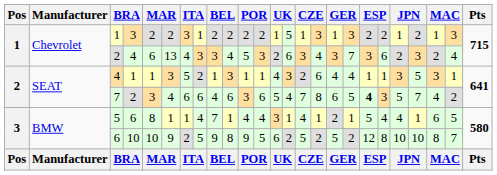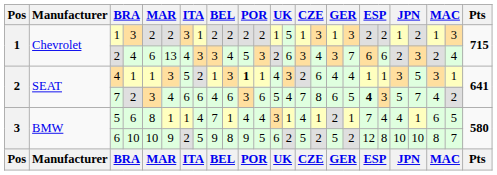 <table class="wikitable" style="font-size: 85%; text-align: center">
 <tr valign="top">
 <th valign=middle>Pos</th>
 <th valign=middle>Manufacturer</th>
 <th colspan=2><a href='#'>BRA</a><br></th>
 <th colspan=2><a href='#'>MAR</a><br></th>
 <th colspan=2><a href='#'>ITA</a><br></th>
 <th colspan=2><a href='#'>BEL</a><br></th>
 <th colspan=2><a href='#'>POR</a><br></th>
 <th colspan=2><a href='#'>UK</a><br></th>
 <th colspan=2><a href='#'>CZE</a><br></th>
 <th colspan=2><a href='#'>GER</a><br></th>
 <th colspan=2><a href='#'>ESP</a><br></th>
 <th colspan=2><a href='#'>JPN</a><br></th>
 <th colspan=2><a href='#'>MAC</a><br></th>
 <th valign=middle> Pts </th>
 </tr>
 <tr>
 <th rowspan=2>1</th>
 <td align="left" rowspan=2> <a href='#'>Chevrolet</a></td>
 <td style="background:#ffffbf;">1</td>
 <td style="background:#ffdf9f;">3</td>
 <td style="background:#dfdfdf;">2</td>
 <td style="background:#dfdfdf;">2</td>
 <td style="background:#ffdf9f;">3</td>
 <td style="background:#ffffbf;">1</td>
 <td style="background:#dfdfdf;">2</td>
 <td style="background:#dfdfdf;">2</td>
 <td style="background:#dfdfdf;">2</td>
 <td style="background:#dfdfdf;">2</td>
 <td style="background:#ffffbf;">1</td>
 <td style="background:#dfffdf;">5</td>
 <td style="background:#ffffbf;">1</td>
 <td style="background:#ffdf9f;">3</td>
 <td style="background:#ffffbf;">1</td>
 <td style="background:#ffdf9f;">3</td>
 <td style="background:#dfdfdf;">2</td>
 <td style="background:#dfdfdf;">2</td>
 <td style="background:#ffffbf;">1</td>
 <td style="background:#dfdfdf;">2</td>
 <td style="background:#ffffbf;">1</td>
 <td style="background:#ffdf9f;">3</td>
 <td align="right" rowspan=2><strong>715</strong></td>
 </tr>
 <tr>
 <td style="background:#dfdfdf;">2</td>
 <td style="background:#dfffdf;">4</td>
 <td style="background:#dfffdf;">6</td>
 <td style="background:#dfffdf;">13</td>
 <td style="background:#dfffdf;">4</td>
 <td style="background:#ffdf9f;">3</td>
 <td style="background:#ffdf9f;">3</td>
 <td style="background:#dfffdf;">4</td>
 <td style="background:#dfffdf;">5</td>
 <td style="background:#ffdf9f;">3</td>
 <td style="background:#dfdfdf;">2</td>
 <td style="background:#dfffdf;">6</td>
 <td style="background:#ffdf9f;">3</td>
 <td style="background:#dfffdf;">4</td>
 <td style="background:#ffdf9f;">3</td>
 <td style="background:#dfffdf;">7</td>
-<td style="background:#ffdf9f;">3</td>
+<td style="background:#ffdf9f;">6</td>
 <td style="background:#dfffdf;">6</td>
 <td style="background:#dfdfdf;">2</td>
 <td style="background:#ffdf9f;">3</td>
 <td style="background:#dfdfdf;">2</td>
 <td style="background:#dfffdf;">4</td>
 </tr>
 <tr>
 <th rowspan=2>2</th>
 <td align="left" rowspan=2 nowrap> <a href='#'>SEAT</a></td>
 <td style="background:#ffdf9f;">4</td>
 <td style="background:#ffffbf;">1</td>
 <td style="background:#ffffbf;">1</td>
 <td style="background:#ffdf9f;">3</td>
 <td style="background:#dfffdf;">5</td>
 <td style="background:#dfdfdf;">2</td>
 <td style="background:#ffffbf;">1</td>
 <td style="background:#ffdf9f;">3</td>
-<td style="background:#ffffbf;">1</td>
+<td style="background:#ffffbf;"><strong>1</strong></td>
 <td style="background:#ffffbf;">1</td>
 <td style="background:#dfffdf;">4</td>
 <td style="background:#ffdf9f;">3</td>
 <td style="background:#dfdfdf;">2</td>
 <td style="background:#dfffdf;">6</td>
 <td style="background:#dfffdf;">4</td>
 <td style="background:#dfffdf;">4</td>
 <td style="background:#ffffbf;">1</td>
 <td style="background:#ffffbf;">1</td>
 <td style="background:#ffdf9f;">3</td>
 <td style="background:#dfffdf;">5</td>
 <td style="background:#ffdf9f;">3</td>
 <td style="background:#ffffbf;">1</td>
 <td align="right" rowspan=2><strong>641</strong></td>
 </tr>
 <tr>
 <td style="background:#dfffdf;">7</td>
 <td style="background:#dfdfdf;">2</td>
 <td style="background:#ffdf9f;">3</td>
 <td style="background:#dfffdf;">4</td>
 <td style="background:#dfffdf;">6</td>
 <td style="background:#dfffdf;">6</td>
 <td style="background:#dfffdf;">4</td>
 <td style="background:#dfffdf;">6</td>
 <td style="background:#ffdf9f;">3</td>
 <td style="background:#dfffdf;">6</td>
 <td style="background:#dfffdf;">5</td>
 <td style="background:#dfffdf;">4</td>
 <td style="background:#dfffdf;">7</td>
 <td style="background:#dfffdf;">8</td>
 <td style="background:#dfffdf;">6</td>
 <td style="background:#dfffdf;">5</td>
 <td style="background:#dfffdf;"><strong>4</strong></td>
 <td style="background:#ffdf9f;">3</td>
 <td style="background:#dfffdf;">5</td>
 <td style="background:#dfffdf;">7</td>
 <td style="background:#dfffdf;">4</td>
 <td style="background:#dfdfdf;">2</td>
 </tr>
 <tr>
 <th rowspan=2>3</th>
 <td align="left" rowspan=2> <a href='#'>BMW</a></td>
 <td style="background:#dfffdf;">5</td>
 <td style="background:#dfffdf;">6</td>
 <td style="background:#dfffdf;">8</td>
 <td style="background:#ffffbf;">1</td>
 <td style="background:#ffffbf;">1</td>
 <td style="background:#dfffdf;">4</td>
 <td style="background:#dfffdf;">7</td>
 <td style="background:#ffffbf;">1</td>
 <td style="background:#dfffdf;">4</td>
 <td style="background:#dfffdf;">4</td>
 <td style="background:#ffdf9f;">3</td>
 <td style="background:#ffffbf;">1</td>
 <td style="background:#dfffdf;">4</td>
 <td style="background:#ffffbf;">1</td>
 <td style="background:#dfdfdf;">2</td>
 <td style="background:#ffffbf;">1</td>
-<td style="background:#dfffdf;">5</td>
+<td style="background:#dfffdf;">7</td>
 <td style="background:#dfffdf;">4</td>
 <td style="background:#dfffdf;">4</td>
 <td style="background:#ffffbf;">1</td>
 <td style="background:#dfffdf;">6</td>
 <td style="background:#dfffdf;">5</td>
 <td align="right" rowspan=2><strong>580</strong></td>
 </tr>
 <tr>
 <td style="background:#dfffdf;">6</td>
 <td style="background:#dfffdf;">10</td>
 <td style="background:#dfffdf;">10</td>
 <td style="background:#dfffdf;">9</td>
 <td style="background:#dfdfdf;">2</td>
 <td style="background:#dfffdf;">5</td>
 <td style="background:#dfffdf;">9</td>
 <td style="background:#dfffdf;">8</td>
 <td style="background:#dfffdf;">9</td>
 <td style="background:#dfffdf;">5</td>
 <td style="background:#dfffdf;">6</td>
 <td style="background:#dfdfdf;">2</td>
 <td style="background:#dfffdf;">5</td>
 <td style="background:#dfdfdf;">2</td>
 <td style="background:#dfffdf;">5</td>
 <td style="background:#dfdfdf;">2</td>
 <td style="background:#dfffdf;">12</td>
 <td style="background:#dfffdf;">8</td>
 <td style="background:#dfffdf;">10</td>
 <td style="background:#dfffdf;">10</td>
 <td style="background:#dfffdf;">8</td>
 <td style="background:#dfffdf;">7</td>
 </tr>
 <tr valign="top">
 <th valign=middle>Pos</th>
 <th valign=middle>Manufacturer</th>
 <th colspan=2><a href='#'>BRA</a><br></th>
 <th colspan=2><a href='#'>MAR</a><br></th>
 <th colspan=2><a href='#'>ITA</a><br></th>
 <th colspan=2><a href='#'>BEL</a><br></th>
 <th colspan=2><a href='#'>POR</a><br></th>
 <th colspan=2><a href='#'>UK</a><br></th>
 <th colspan=2><a href='#'>CZE</a><br></th>
 <th colspan=2><a href='#'>GER</a><br></th>
 <th colspan=2><a href='#'>ESP</a><br></th>
 <th colspan=2><a href='#'>JPN</a><br></th>
 <th colspan=2><a href='#'>MAC</a><br></th>
 <th valign=middle> Pts </th>
 </tr>
 </table>
